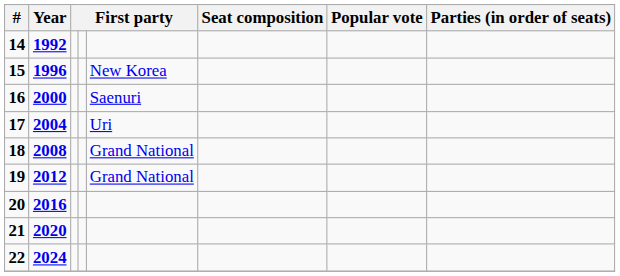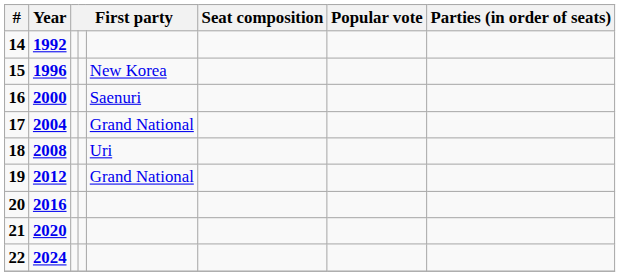 <table class="wikitable">
 <tr>
 <th>#</th>
 <th>Year</th>
 <th colspan="3">First party</th>
 <th>Seat composition</th>
 <th>Popular vote</th>
 <th>Parties (in order of seats)</th>
 </tr>
 <tr>
 <td><strong>14</strong></td>
 <td><strong><a href='#'>1992</a></strong></td>
 <td style="background-color:"></td>
 <td style="background-color:"></td>
 <td></td>
 <td></td>
 <td></td>
 <td></td>
 </tr>
 <tr>
 <td><strong>15</strong></td>
 <td><strong><a href='#'>1996</a></strong></td>
 <td style="background-color:"></td>
 <td style="background-color:"></td>
 <td><a href='#'>New Korea</a></td>
 <td></td>
 <td></td>
 <td></td>
 </tr>
 <tr>
 <td><strong>16</strong></td>
 <td><strong><a href='#'>2000</a></strong></td>
 <td style="background-color:"></td>
 <td style="background-color:"></td>
 <td><a href='#'>Saenuri</a></td>
 <td></td>
 <td></td>
 <td></td>
 </tr>
 <tr>
 <td><strong>17</strong></td>
 <td><strong><a href='#'>2004</a></strong></td>
 <td style="background-color:"></td>
 <td style="background-color:"></td>
-<td><a href='#'>Uri</a></td>
+<td><a href='#'>Grand National</a></td>
 <td></td>
 <td></td>
 <td></td>
 </tr>
 <tr>
 <td><strong>18</strong></td>
 <td><strong><a href='#'>2008</a></strong></td>
 <td style="background-color:"></td>
 <td style="background-color:"></td>
-<td><a href='#'>Grand National</a></td>
+<td><a href='#'>Uri</a></td>
 <td></td>
 <td></td>
 <td></td>
 </tr>
 <tr>
 <td><strong>19</strong></td>
 <td><strong><a href='#'>2012</a></strong></td>
 <td style="background-color:"></td>
 <td style="background-color:"></td>
 <td><a href='#'>Grand National</a></td>
 <td></td>
 <td></td>
 <td></td>
 </tr>
 <tr>
 <td><strong>20</strong></td>
 <td><strong><a href='#'>2016</a></strong></td>
 <td style="background-color:"></td>
 <td style="background-color:"></td>
 <td></td>
 <td></td>
 <td></td>
 <td></td>
 </tr>
 <tr>
 <td><strong>21</strong></td>
 <td><strong><a href='#'>2020</a></strong></td>
 <td style="background-color:"></td>
 <td style="background-color:"></td>
 <td></td>
 <td></td>
 <td></td>
 <td></td>
 </tr>
 <tr>
 <td><strong>22</strong></td>
 <td><strong><a href='#'>2024</a></strong></td>
 <td style="background-color:"></td>
 <td style="background-color:"></td>
 <td></td>
 <td></td>
 <td></td>
 <td></td>
 </tr>
 <tr>
 </tr>
 </table>
